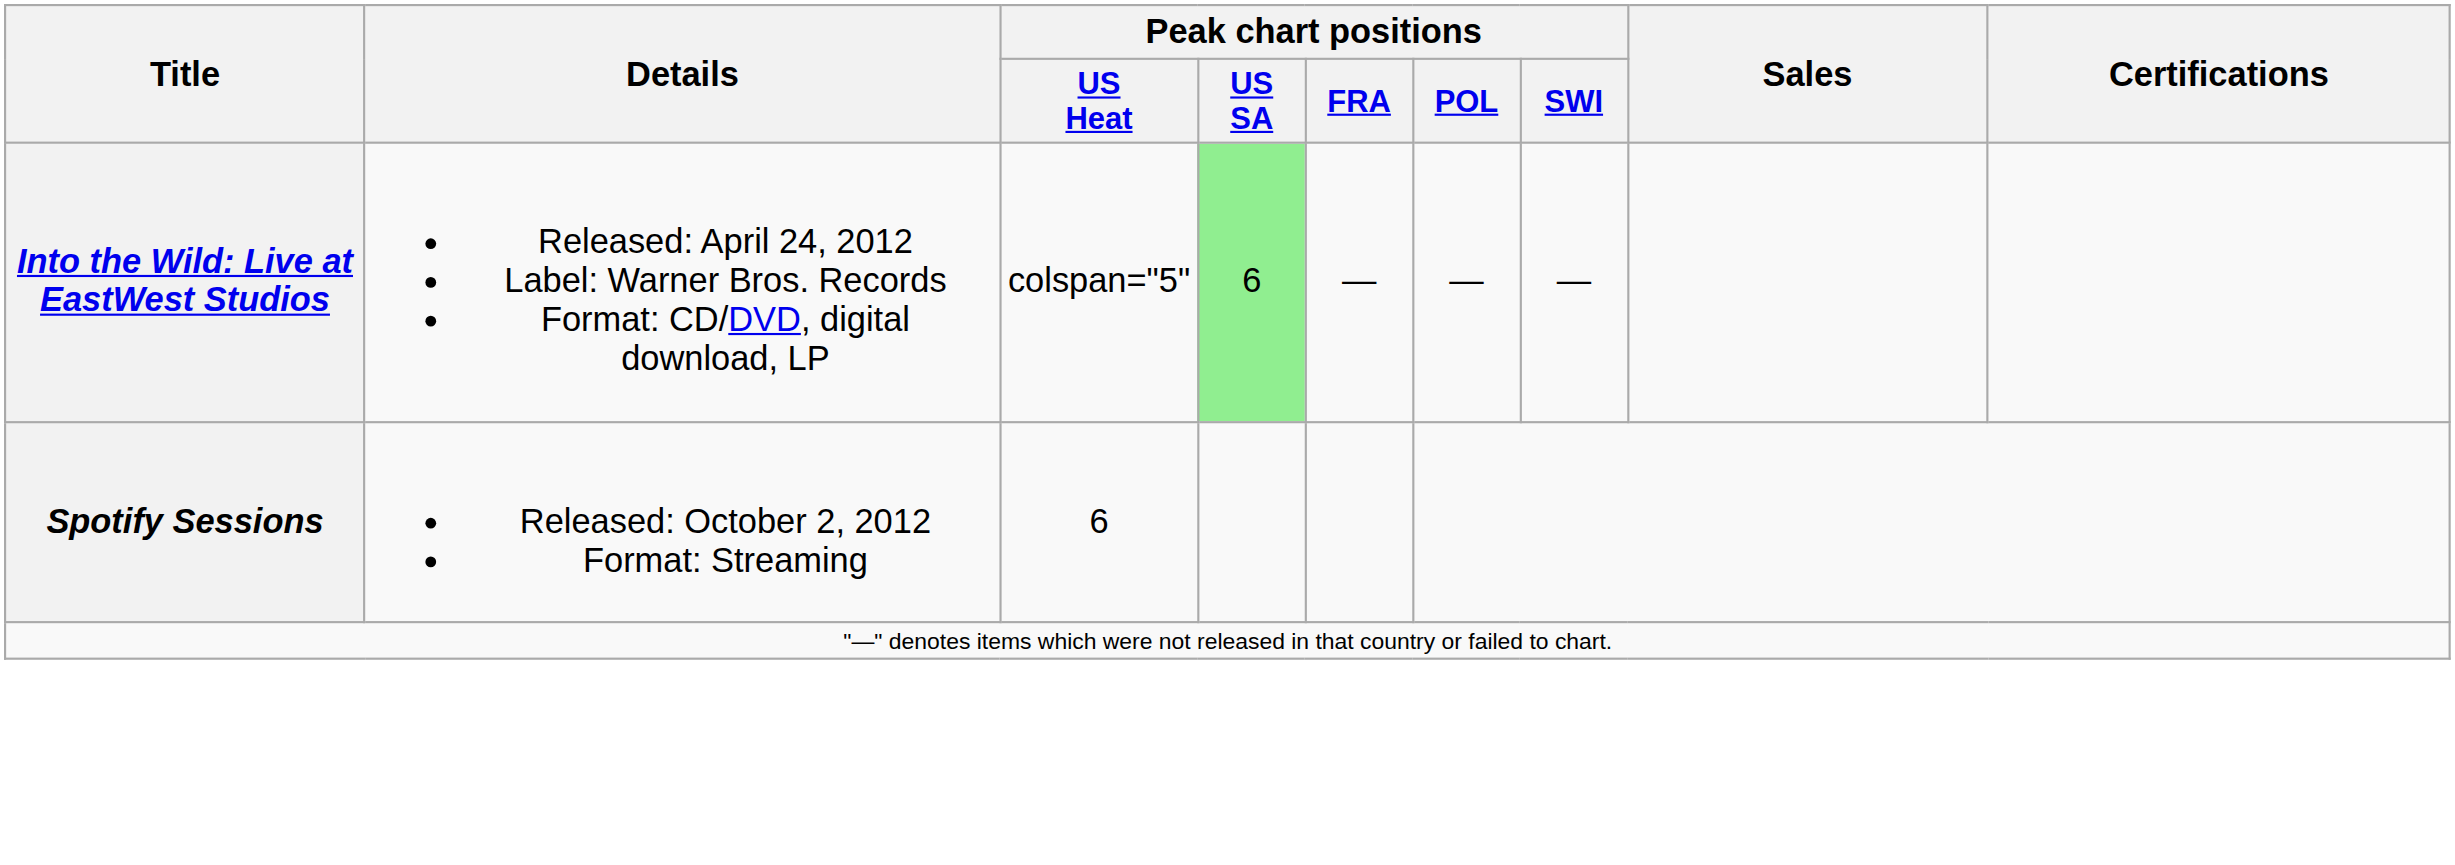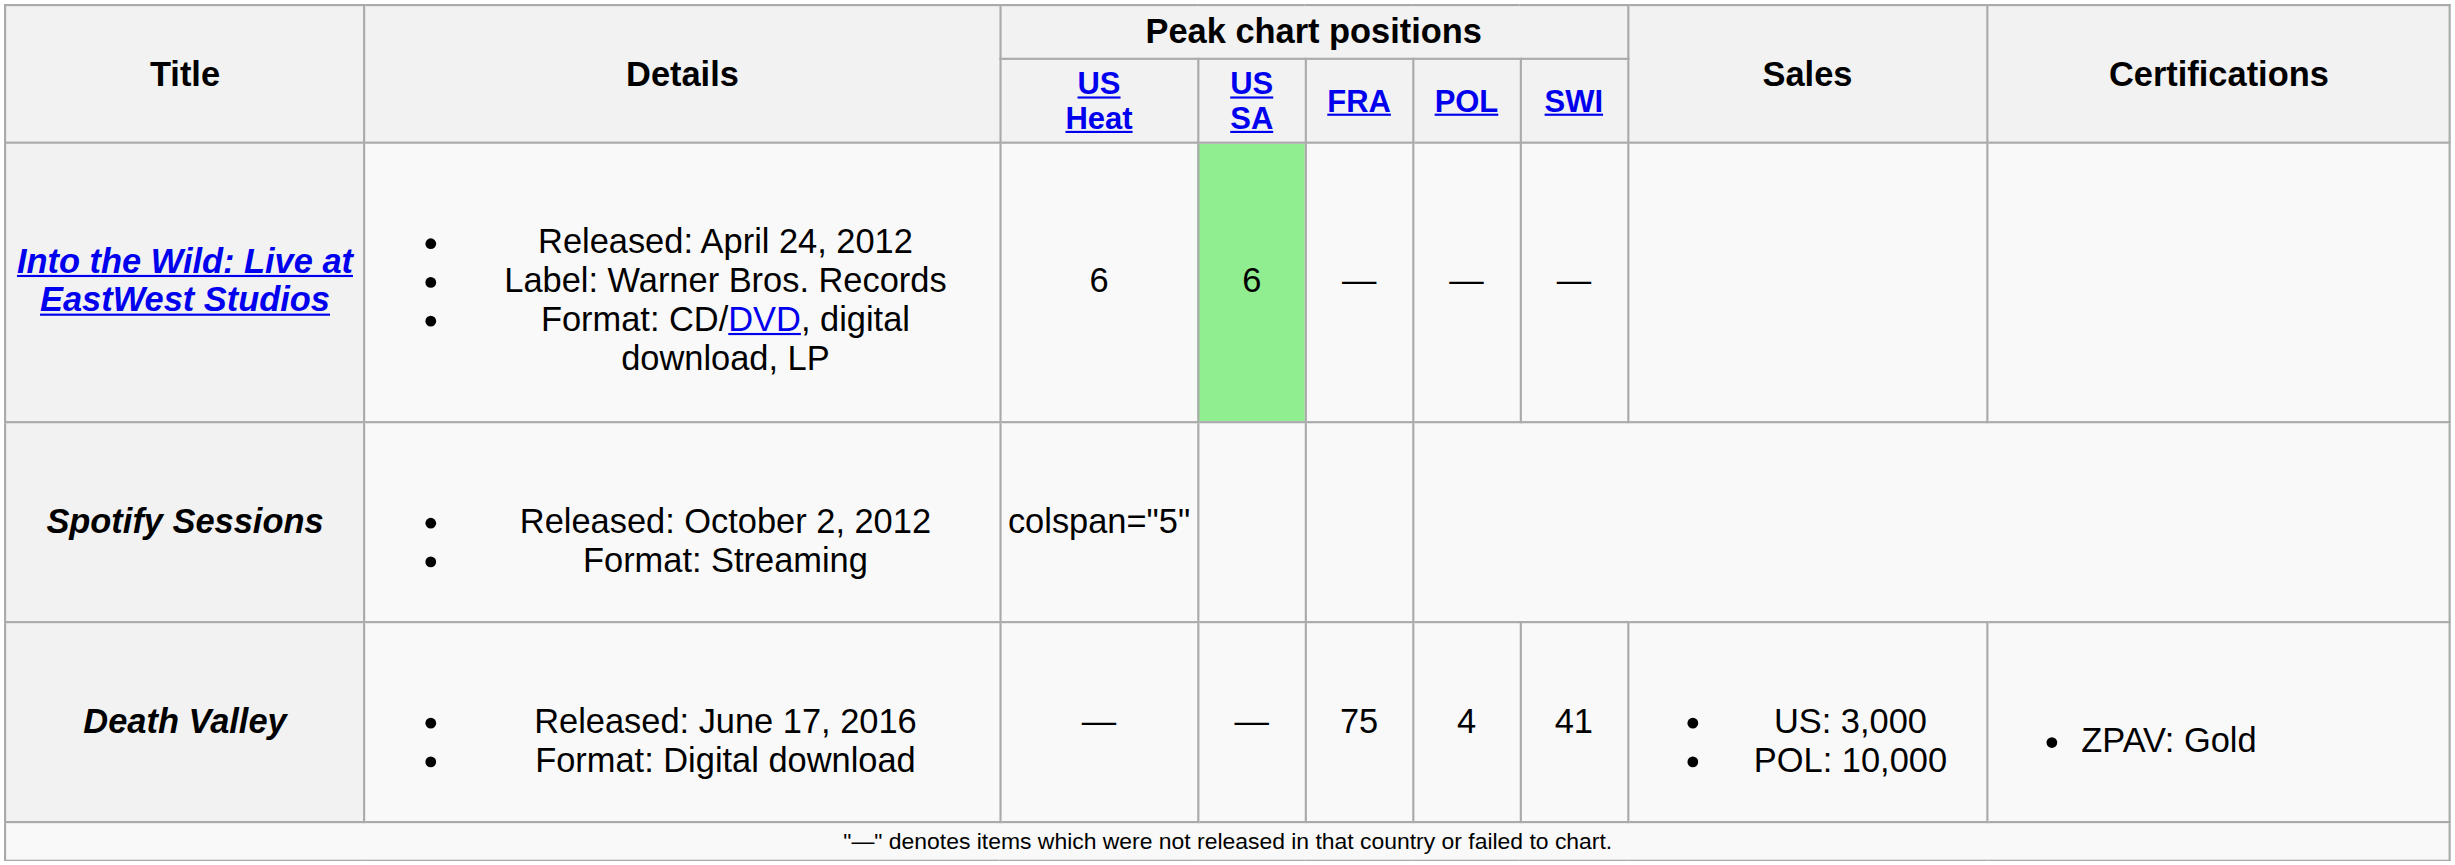 <table class="wikitable plainrowheaders" style="text-align:center;">
 <tr>
 <th scope="col" rowspan="2" style="width:10em;">Title</th>
 <th scope="col" rowspan="2" style="width:18em;">Details</th>
 <th scope="col" colspan="5">Peak chart positions</th>
 <th scope="col" rowspan="2" style="width:10em;">Sales</th>
 <th scope="col" rowspan="2" style="width:13em;">Certifications</th>
 </tr>
 <tr>
 <th scope="col" style="width:3em;font-size:90%;"><a href='#'>US<br>Heat</a><br></th>
 <th scope="col" style="width:3em;font-size:90%;"><a href='#'>US<br>SA</a><br></th>
 <th scope="col" style="width:3em;font-size:90%;"><a href='#'>FRA</a><br></th>
 <th scope="col" style="width:3em;font-size:90%;"><a href='#'>POL</a><br></th>
 <th scope="col" style="width:3em;font-size:90%;"><a href='#'>SWI</a><br></th>
 </tr>
 <tr>
 <th scope="row"><em><a href='#'>Into the Wild: Live at EastWest Studios</a></em></th>
 <td><br><ul><li>Released: April 24, 2012</li><li>Label: Warner Bros. Records</li><li>Format: CD/<a href='#'>DVD</a>, digital download, LP</li></ul></td>
-<td>colspan="5" </td>
+<td>6</td>
 <td style="background: lightgreen;">6</td>
 <td>—</td>
 <td>—</td>
 <td>—</td>
 <td></td>
 <td></td>
 </tr>
 <tr>
 <th scope="row"><em>Spotify Sessions</em></th>
 <td><br><ul><li>Released: October 2, 2012</li><li>Format: Streaming</li></ul></td>
-<td>6</td>
+<td>colspan="5" </td>
 <td></td>
 <td></td>
+</tr>
+<tr>
+<th scope="row"><em>Death Valley</em></th>
+<td><br><ul><li>Released: June 17, 2016</li><li>Format: Digital download</li></ul></td>
+<td>—</td>
+<td>—</td>
+<td>75</td>
+<td>4</td>
+<td>41</td>
+<td><br><ul><li>US: 3,000</li><li>POL: 10,000</li></ul></td>
+<td style="text-align:left;"><br><ul><li>ZPAV: Gold</li></ul></td>
 </tr>
 <tr>
 <td colspan="9" style="text-align:center; font-size:8pt;">"—" denotes items which were not released in that country or failed to chart.</td>
 </tr>
 </table>
